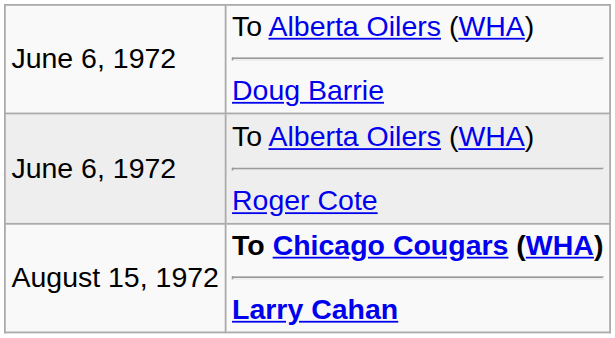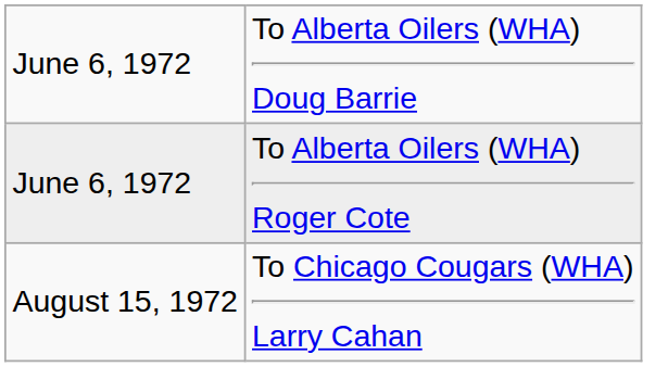 <table class="wikitable">
 <tr>
 <td>June 6, 1972</td>
 <td valign="top">To <a href='#'>Alberta Oilers</a> (<a href='#'>WHA</a>)<hr><a href='#'>Doug Barrie</a></td>
 </tr>
 <tr style="background:#eee;">
 <td>June 6, 1972</td>
 <td valign="top">To <a href='#'>Alberta Oilers</a> (<a href='#'>WHA</a>)<hr><a href='#'>Roger Cote</a></td>
 </tr>
 <tr>
 <td>August 15, 1972</td>
-<td valign="top"><strong>To <a href='#'>Chicago Cougars</a> (<a href='#'>WHA</a>)<hr><a href='#'>Larry Cahan</a></strong></td>
+<td valign="top">To <a href='#'>Chicago Cougars</a> (<a href='#'>WHA</a>)<hr><a href='#'>Larry Cahan</a></td>
 </tr>
 </table>
